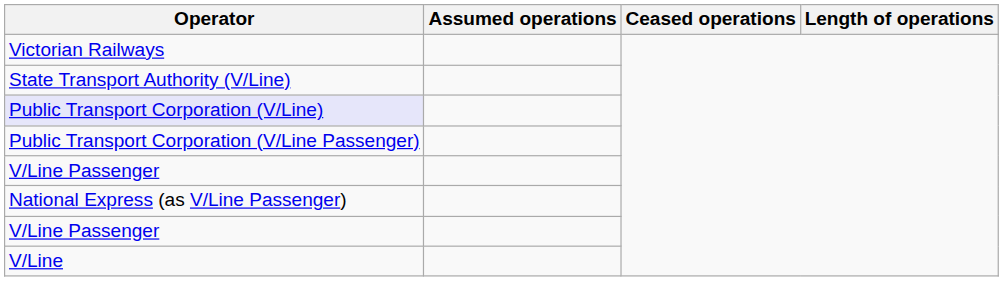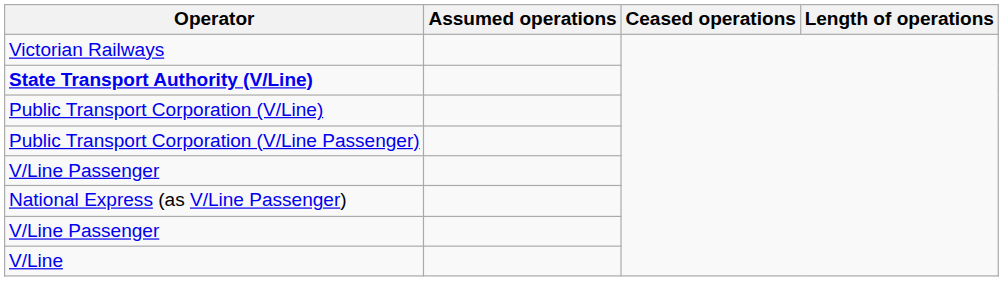 <table class="wikitable">
 <tr>
 <th>Operator</th>
 <th>Assumed operations</th>
 <th>Ceased operations</th>
 <th>Length of operations</th>
 </tr>
 <tr>
 <td><a href='#'>Victorian Railways</a></td>
 <td></td>
 </tr>
 <tr>
-<td><a href='#'>State Transport Authority (V/Line)</a></td>
+<td><strong><a href='#'>State Transport Authority (V/Line)</a></strong></td>
 <td></td>
 </tr>
 <tr>
-<td style="background: lavender;"><a href='#'>Public Transport Corporation (V/Line)</a></td>
+<td><a href='#'>Public Transport Corporation (V/Line)</a></td>
 <td></td>
 </tr>
 <tr>
 <td><a href='#'>Public Transport Corporation (V/Line Passenger)</a></td>
 <td></td>
 </tr>
 <tr>
 <td><a href='#'>V/Line Passenger</a></td>
 <td></td>
 </tr>
 <tr>
 <td><a href='#'>National Express</a> (as <a href='#'>V/Line Passenger</a>)</td>
 <td></td>
 </tr>
 <tr>
 <td><a href='#'>V/Line Passenger</a></td>
 <td></td>
 </tr>
 <tr>
 <td><a href='#'>V/Line</a></td>
 <td></td>
 </tr>
 </table>
